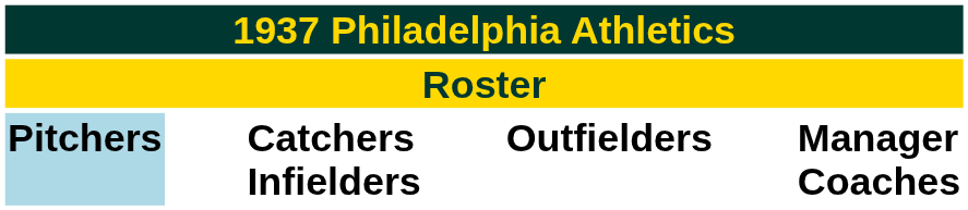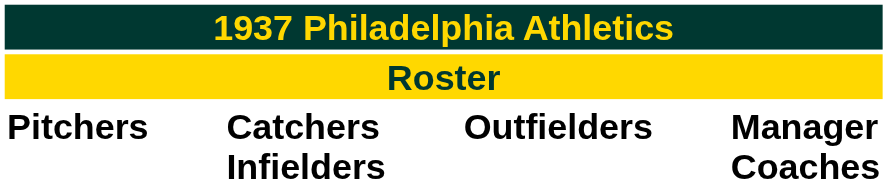 <table class="toccolours" style="font-size: 95%;">
 <tr>
 <th colspan="10" style="background-color: #003831; color: #FFD800; text-align: center;">1937 Philadelphia Athletics</th>
 </tr>
 <tr>
 <td colspan="10" style="background-color: #FFD800; color: #003831; text-align: center;"><strong>Roster</strong></td>
 </tr>
 <tr>
-<td valign="top" style="background: lightblue;"><strong>Pitchers</strong><br>           </td>
+<td valign="top"><strong>Pitchers</strong><br>           </td>
 <td width="25px"></td>
 <td valign="top"><strong>Catchers</strong><br>    <strong>Infielders</strong>          </td>
 <td width="25px"></td>
 <td valign="top"><strong>Outfielders</strong><br>      </td>
 <td width="25px"></td>
 <td valign="top"><strong>Manager</strong><br> <strong>Coaches</strong>   </td>
 </tr>
 </table>
